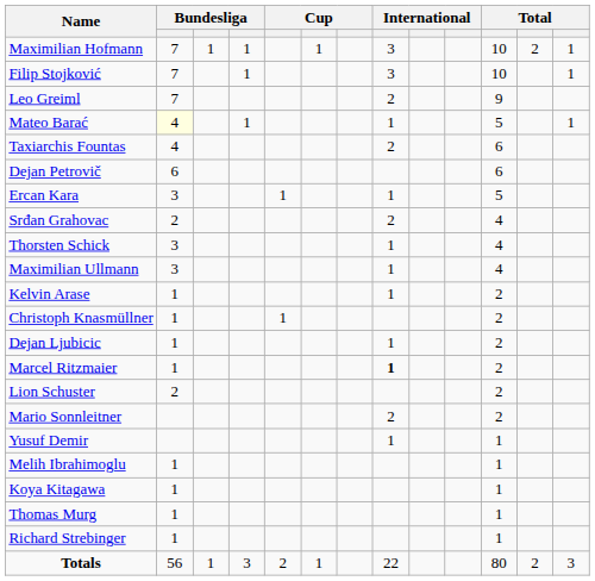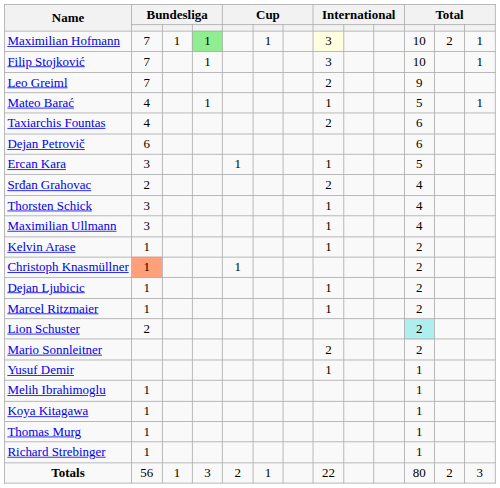 <table class="wikitable" style="text-align:center;">
 <tr>
 <th rowspan="2">Name</th>
 <th colspan="3">Bundesliga</th>
 <th colspan="3">Cup</th>
 <th colspan="3">International</th>
 <th colspan="3">Total</th>
 </tr>
 <tr>
 <th width=30></th>
 <th width=30></th>
 <th width=30></th>
 <th width=30></th>
 <th width=30></th>
 <th width=30></th>
 <th width=30></th>
 <th width=30></th>
 <th width=30></th>
 <th width=30></th>
 <th width=30></th>
 <th width=30></th>
 </tr>
 <tr>
 <td align="left"> <a href='#'>Maximilian Hofmann</a></td>
 <td>7</td>
 <td>1</td>
-<td>1</td>
+<td style="background: lightgreen;">1</td>
 <td></td>
 <td>1</td>
 <td></td>
-<td>3</td>
+<td style="background: lightyellow;">3</td>
 <td></td>
 <td></td>
 <td>10</td>
 <td>2</td>
 <td>1</td>
 </tr>
 <tr>
 <td align="left"> <a href='#'>Filip Stojković</a></td>
 <td>7</td>
 <td></td>
 <td>1</td>
 <td></td>
 <td></td>
 <td></td>
 <td>3</td>
 <td></td>
 <td></td>
 <td>10</td>
 <td></td>
 <td>1</td>
 </tr>
 <tr>
 <td align="left"> <a href='#'>Leo Greiml</a></td>
 <td>7</td>
 <td></td>
 <td></td>
 <td></td>
 <td></td>
 <td></td>
 <td>2</td>
 <td></td>
 <td></td>
 <td>9</td>
 <td></td>
 <td></td>
 </tr>
 <tr>
 <td align="left"> <a href='#'>Mateo Barać</a></td>
-<td style="background: lightyellow;">4</td>
+<td>4</td>
 <td></td>
 <td>1</td>
 <td></td>
 <td></td>
 <td></td>
 <td>1</td>
 <td></td>
 <td></td>
 <td>5</td>
 <td></td>
 <td>1</td>
 </tr>
 <tr>
 <td align="left"> <a href='#'>Taxiarchis Fountas</a></td>
 <td>4</td>
 <td></td>
 <td></td>
 <td></td>
 <td></td>
 <td></td>
 <td>2</td>
 <td></td>
 <td></td>
 <td>6</td>
 <td></td>
 <td></td>
 </tr>
 <tr>
 <td align="left"> <a href='#'>Dejan Petrovič</a></td>
 <td>6</td>
 <td></td>
 <td></td>
 <td></td>
 <td></td>
 <td></td>
 <td></td>
 <td></td>
 <td></td>
 <td>6</td>
 <td></td>
 <td></td>
 </tr>
 <tr>
 <td align="left"> <a href='#'>Ercan Kara</a></td>
 <td>3</td>
 <td></td>
 <td></td>
 <td>1</td>
 <td></td>
 <td></td>
 <td>1</td>
 <td></td>
 <td></td>
 <td>5</td>
 <td></td>
 <td></td>
 </tr>
 <tr>
 <td align="left"> <a href='#'>Srđan Grahovac</a></td>
 <td>2</td>
 <td></td>
 <td></td>
 <td></td>
 <td></td>
 <td></td>
 <td>2</td>
 <td></td>
 <td></td>
 <td>4</td>
 <td></td>
 <td></td>
 </tr>
 <tr>
 <td align="left"> <a href='#'>Thorsten Schick</a></td>
 <td>3</td>
 <td></td>
 <td></td>
 <td></td>
 <td></td>
 <td></td>
 <td>1</td>
 <td></td>
 <td></td>
 <td>4</td>
 <td></td>
 <td></td>
 </tr>
 <tr>
 <td align="left"> <a href='#'>Maximilian Ullmann</a></td>
 <td>3</td>
 <td></td>
 <td></td>
 <td></td>
 <td></td>
 <td></td>
 <td>1</td>
 <td></td>
 <td></td>
 <td>4</td>
 <td></td>
 <td></td>
 </tr>
 <tr>
 <td align="left"> <a href='#'>Kelvin Arase</a></td>
 <td>1</td>
 <td></td>
 <td></td>
 <td></td>
 <td></td>
 <td></td>
 <td>1</td>
 <td></td>
 <td></td>
 <td>2</td>
 <td></td>
 <td></td>
 </tr>
 <tr>
 <td align="left"> <a href='#'>Christoph Knasmüllner</a></td>
-<td>1</td>
+<td style="background: lightsalmon;">1</td>
 <td></td>
 <td></td>
 <td>1</td>
 <td></td>
 <td></td>
 <td></td>
 <td></td>
 <td></td>
 <td>2</td>
 <td></td>
 <td></td>
 </tr>
 <tr>
 <td align="left"> <a href='#'>Dejan Ljubicic</a></td>
 <td>1</td>
 <td></td>
 <td></td>
 <td></td>
 <td></td>
 <td></td>
 <td>1</td>
 <td></td>
 <td></td>
 <td>2</td>
 <td></td>
 <td></td>
 </tr>
 <tr>
 <td align="left"> <a href='#'>Marcel Ritzmaier</a></td>
 <td>1</td>
 <td></td>
 <td></td>
 <td></td>
 <td></td>
 <td></td>
-<td><strong>1</strong></td>
+<td>1</td>
 <td></td>
 <td></td>
 <td>2</td>
 <td></td>
 <td></td>
 </tr>
 <tr>
 <td align="left"> <a href='#'>Lion Schuster</a></td>
 <td>2</td>
 <td></td>
 <td></td>
 <td></td>
 <td></td>
 <td></td>
 <td></td>
 <td></td>
 <td></td>
-<td>2</td>
+<td style="background: paleturquoise;">2</td>
 <td></td>
 <td></td>
 </tr>
 <tr>
 <td align="left"> <a href='#'>Mario Sonnleitner</a></td>
 <td></td>
 <td></td>
 <td></td>
 <td></td>
 <td></td>
 <td></td>
 <td>2</td>
 <td></td>
 <td></td>
 <td>2</td>
 <td></td>
 <td></td>
 </tr>
 <tr>
 <td align="left"> <a href='#'>Yusuf Demir</a></td>
 <td></td>
 <td></td>
 <td></td>
 <td></td>
 <td></td>
 <td></td>
 <td>1</td>
 <td></td>
 <td></td>
 <td>1</td>
 <td></td>
 <td></td>
 </tr>
 <tr>
 <td align="left"> <a href='#'>Melih Ibrahimoglu</a></td>
 <td>1</td>
 <td></td>
 <td></td>
 <td></td>
 <td></td>
 <td></td>
 <td></td>
 <td></td>
 <td></td>
 <td>1</td>
 <td></td>
 <td></td>
 </tr>
 <tr>
 <td align="left"> <a href='#'>Koya Kitagawa</a></td>
 <td>1</td>
 <td></td>
 <td></td>
 <td></td>
 <td></td>
 <td></td>
 <td></td>
 <td></td>
 <td></td>
 <td>1</td>
 <td></td>
 <td></td>
 </tr>
 <tr>
 <td align="left"> <a href='#'>Thomas Murg</a></td>
 <td>1</td>
 <td></td>
 <td></td>
 <td></td>
 <td></td>
 <td></td>
 <td></td>
 <td></td>
 <td></td>
 <td>1</td>
 <td></td>
 <td></td>
 </tr>
 <tr>
 <td align="left"> <a href='#'>Richard Strebinger</a></td>
 <td>1</td>
 <td></td>
 <td></td>
 <td></td>
 <td></td>
 <td></td>
 <td></td>
 <td></td>
 <td></td>
 <td>1</td>
 <td></td>
 <td></td>
 </tr>
 <tr>
 <td><strong>Totals</strong></td>
 <td>56</td>
 <td>1</td>
 <td>3</td>
 <td>2</td>
 <td>1</td>
 <td></td>
 <td>22</td>
 <td></td>
 <td></td>
 <td>80</td>
 <td>2</td>
 <td>3</td>
 </tr>
 </table>
